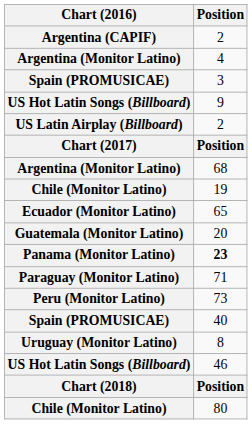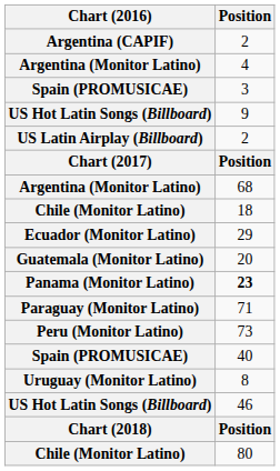 <table class="wikitable plainrowheaders sortable" style="text-align:center">
 <tr>
 <th>Chart (2016)</th>
 <th>Position</th>
 </tr>
 <tr>
 <th scope="row">Argentina (CAPIF)</th>
 <td>2</td>
 </tr>
 <tr>
 <th scope="row">Argentina (Monitor Latino)</th>
 <td>4</td>
 </tr>
 <tr>
 <th scope="row">Spain (PROMUSICAE)</th>
 <td>3</td>
 </tr>
 <tr>
 <th scope="row">US Hot Latin Songs (<em>Billboard</em>)</th>
 <td>9</td>
 </tr>
 <tr>
 <th scope="row">US Latin Airplay (<em>Billboard</em>)</th>
 <td>2</td>
 </tr>
 <tr>
 <th>Chart (2017)</th>
 <th>Position</th>
 </tr>
 <tr>
 <th scope="row">Argentina (Monitor Latino)</th>
 <td>68</td>
 </tr>
 <tr>
 <th scope="row">Chile (Monitor Latino)</th>
-<td>19</td>
+<td>18</td>
 </tr>
 <tr>
 <th scope="row">Ecuador (Monitor Latino)</th>
-<td>65</td>
+<td>29</td>
 </tr>
 <tr>
 <th scope="row">Guatemala (Monitor Latino)</th>
 <td>20</td>
 </tr>
 <tr>
 <th scope="row">Panama (Monitor Latino)</th>
 <td><strong>23</strong></td>
 </tr>
 <tr>
 <th scope="row">Paraguay (Monitor Latino)</th>
 <td>71</td>
 </tr>
 <tr>
 <th scope="row">Peru (Monitor Latino)</th>
 <td>73</td>
 </tr>
 <tr>
 <th scope="row">Spain (PROMUSICAE)</th>
 <td>40</td>
 </tr>
 <tr>
 <th scope="row">Uruguay (Monitor Latino)</th>
 <td>8</td>
 </tr>
 <tr>
 <th scope="row">US Hot Latin Songs (<em>Billboard</em>)</th>
 <td>46</td>
 </tr>
 <tr>
 <th>Chart (2018)</th>
 <th>Position</th>
 </tr>
 <tr>
 <th scope="row">Chile (Monitor Latino)</th>
 <td>80</td>
 </tr>
 </table>
